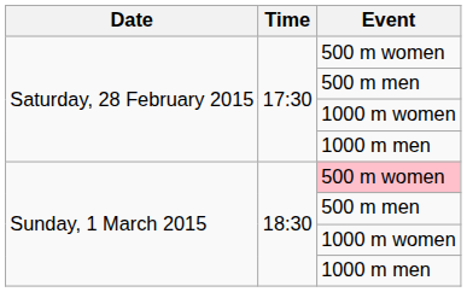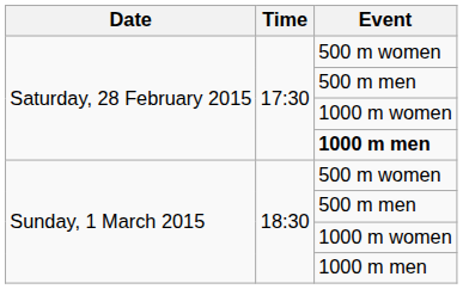 <table class="wikitable" border="1">
 <tr>
 <th>Date</th>
 <th>Time</th>
 <th>Event</th>
 </tr>
 <tr>
 <td rowspan=4>Saturday, 28 February 2015</td>
 <td rowspan=4>17:30</td>
 <td>500 m women</td>
 </tr>
 <tr>
 <td>500 m men</td>
 </tr>
 <tr>
 <td>1000 m women</td>
 </tr>
 <tr>
-<td>1000 m men</td>
+<td><strong>1000 m men</strong></td>
 </tr>
 <tr>
 <td rowspan=4>Sunday, 1 March 2015</td>
 <td rowspan=4>18:30</td>
-<td style="background: pink;">500 m women</td>
+<td>500 m women</td>
 </tr>
 <tr>
 <td>500 m men</td>
 </tr>
 <tr>
 <td>1000 m women</td>
 </tr>
 <tr>
 <td>1000 m men</td>
 </tr>
 </table>
